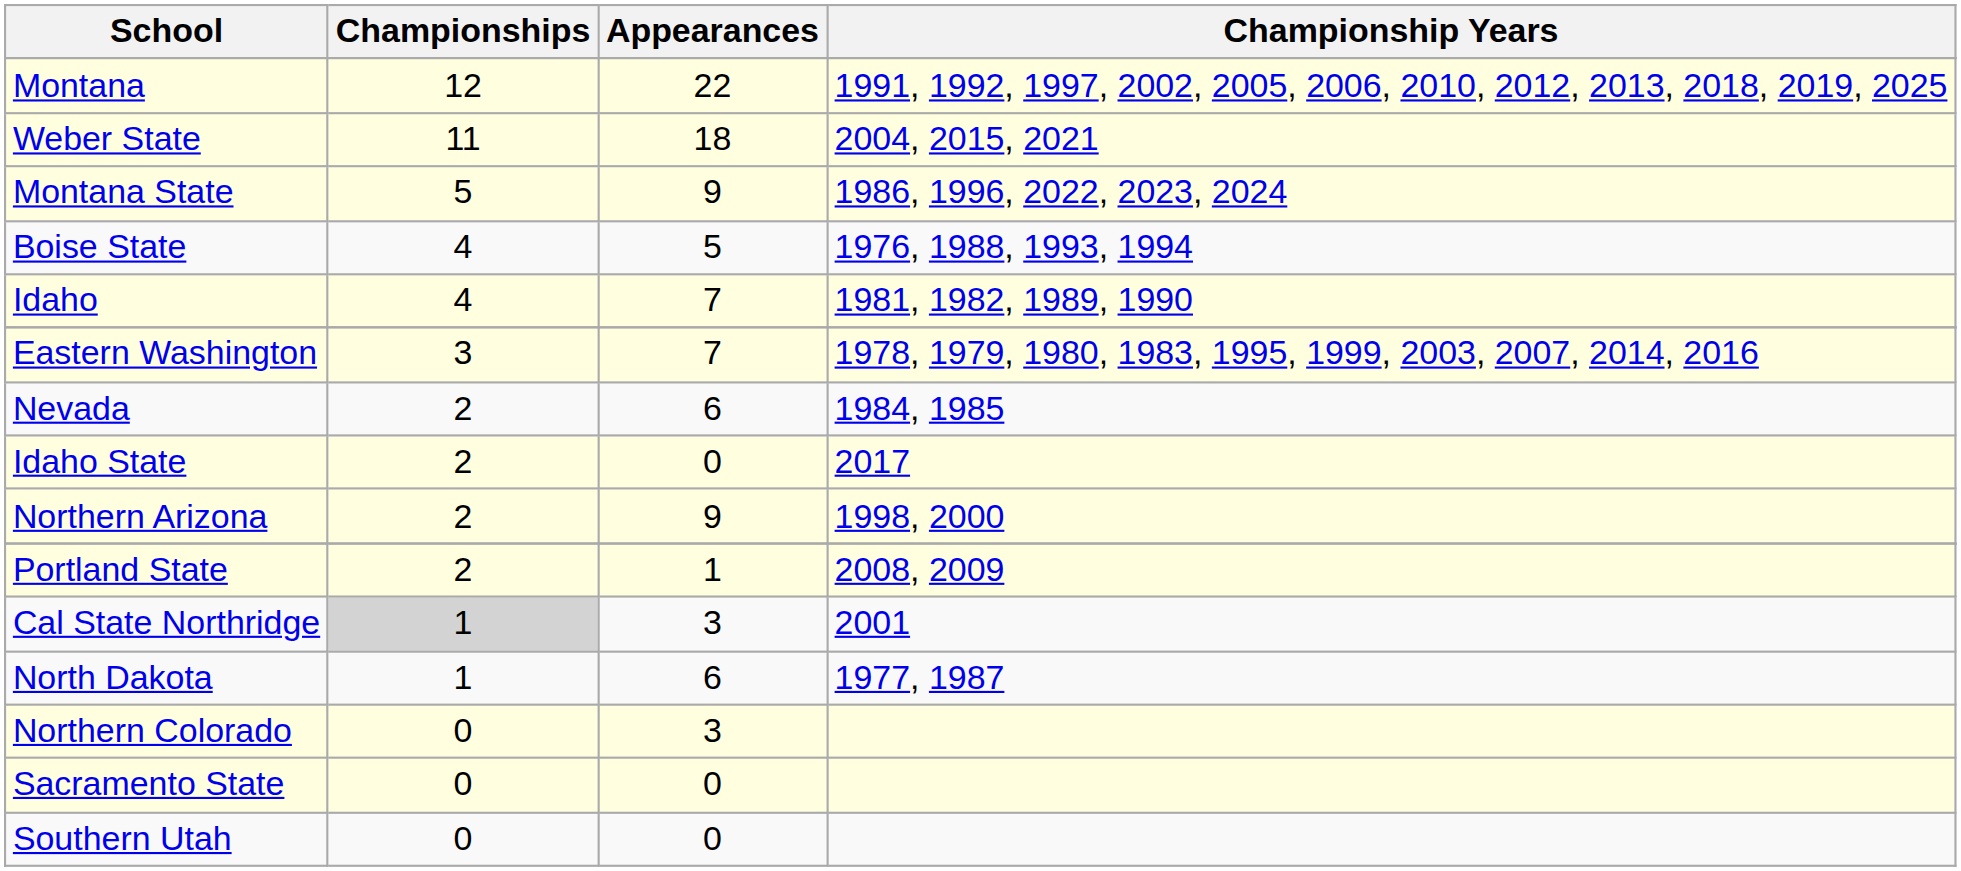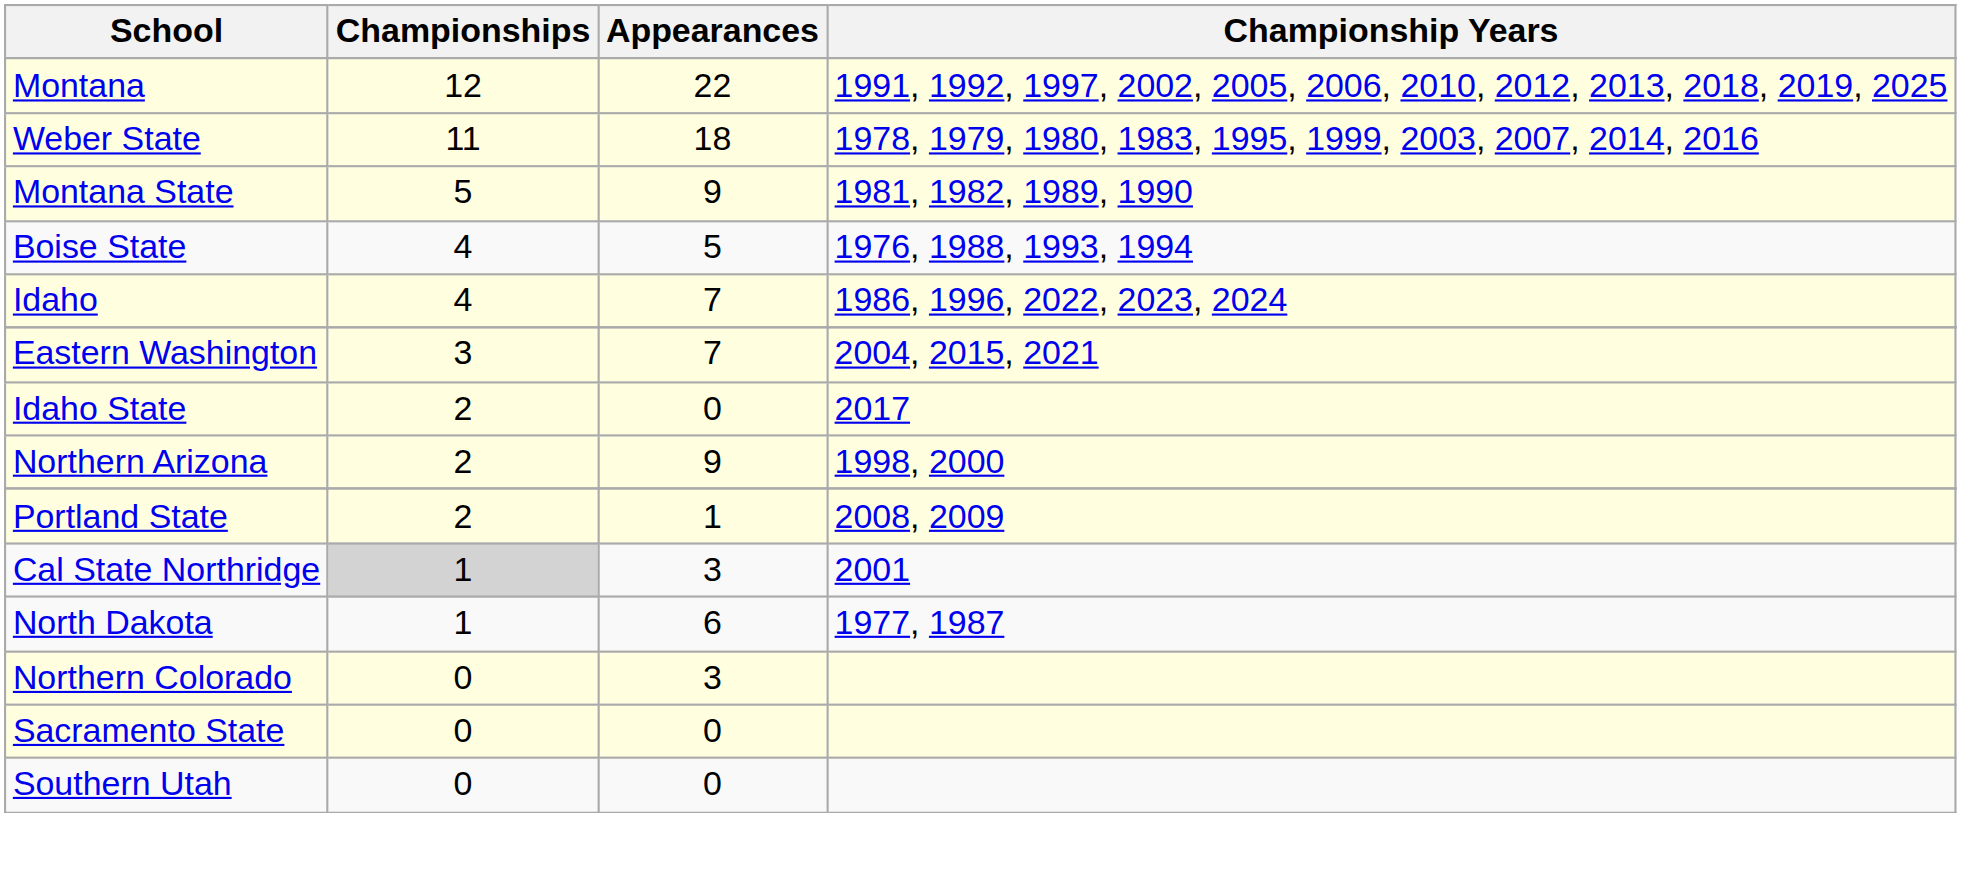 <table class="wikitable sortable" style="text-align:center">
 <tr>
 <th width=px>School</th>
 <th width=px>Championships</th>
 <th width=px>Appearances</th>
 <th width=px>Championship Years</th>
 </tr>
 <tr>
 </tr>
 <tr bgcolor=#ffffe0>
 <td align=left><a href='#'>Montana</a></td>
 <td>12</td>
 <td>22</td>
 <td align=left><a href='#'>1991</a>, <a href='#'>1992</a>, <a href='#'>1997</a>, <a href='#'>2002</a>, <a href='#'>2005</a>, <a href='#'>2006</a>, <a href='#'>2010</a>, <a href='#'>2012</a>, <a href='#'>2013</a>, <a href='#'>2018</a>, <a href='#'>2019</a>, <a href='#'>2025</a></td>
 </tr>
 <tr bgcolor=#ffffe0>
 <td align=left><a href='#'>Weber State</a></td>
 <td>11</td>
 <td>18</td>
-<td align=left><a href='#'>2004</a>, <a href='#'>2015</a>, <a href='#'>2021</a></td>
+<td align=left><a href='#'>1978</a>, <a href='#'>1979</a>, <a href='#'>1980</a>, <a href='#'>1983</a>, <a href='#'>1995</a>, <a href='#'>1999</a>, <a href='#'>2003</a>, <a href='#'>2007</a>, <a href='#'>2014</a>, <a href='#'>2016</a></td>
 </tr>
 <tr bgcolor=#ffffe0>
 <td align=left><a href='#'>Montana State</a></td>
 <td>5</td>
 <td>9</td>
-<td align=left><a href='#'>1986</a>, <a href='#'>1996</a>, <a href='#'>2022</a>, <a href='#'>2023</a>, <a href='#'>2024</a></td>
+<td align=left><a href='#'>1981</a>, <a href='#'>1982</a>, <a href='#'>1989</a>, <a href='#'>1990</a></td>
 </tr>
 <tr>
 <td align=left><a href='#'>Boise State</a></td>
 <td>4</td>
 <td>5</td>
 <td align=left><a href='#'>1976</a>, <a href='#'>1988</a>, <a href='#'>1993</a>, <a href='#'>1994</a></td>
 </tr>
 <tr bgcolor=#ffffe0>
 <td align=left><a href='#'>Idaho</a></td>
 <td>4</td>
 <td>7</td>
-<td align=left><a href='#'>1981</a>, <a href='#'>1982</a>, <a href='#'>1989</a>, <a href='#'>1990</a></td>
+<td align=left><a href='#'>1986</a>, <a href='#'>1996</a>, <a href='#'>2022</a>, <a href='#'>2023</a>, <a href='#'>2024</a></td>
 </tr>
 <tr>
 </tr>
 <tr bgcolor=#ffffe0>
 <td align=left><a href='#'>Eastern Washington</a></td>
 <td>3</td>
 <td>7</td>
-<td align=left><a href='#'>1978</a>, <a href='#'>1979</a>, <a href='#'>1980</a>, <a href='#'>1983</a>, <a href='#'>1995</a>, <a href='#'>1999</a>, <a href='#'>2003</a>, <a href='#'>2007</a>, <a href='#'>2014</a>, <a href='#'>2016</a></td>
-</tr>
-<tr>
-<td align=left><a href='#'>Nevada</a></td>
-<td>2</td>
-<td>6</td>
-<td align=left><a href='#'>1984</a>, <a href='#'>1985</a></td>
+<td align=left><a href='#'>2004</a>, <a href='#'>2015</a>, <a href='#'>2021</a></td>
 </tr>
 <tr bgcolor=#ffffe0>
 <td align=left><a href='#'>Idaho State</a></td>
 <td>2</td>
 <td>0</td>
 <td align=left><a href='#'>2017</a></td>
 </tr>
 <tr bgcolor=#ffffe0>
 <td align=left><a href='#'>Northern Arizona</a></td>
 <td>2</td>
 <td>9</td>
 <td align=left><a href='#'>1998</a>, <a href='#'>2000</a></td>
 </tr>
 <tr bgcolor=#ffffe0>
 </tr>
 <tr>
 </tr>
 <tr bgcolor=#ffffe0>
 <td align=left><a href='#'>Portland State</a></td>
 <td>2</td>
 <td>1</td>
 <td align=left><a href='#'>2008</a>, <a href='#'>2009</a></td>
 </tr>
 <tr>
 <td align=left><a href='#'>Cal State Northridge</a></td>
 <td style="background: lightgrey;">1</td>
 <td>3</td>
 <td align=left><a href='#'>2001</a></td>
 </tr>
 <tr>
 <td align=left><a href='#'>North Dakota</a></td>
 <td>1</td>
 <td>6</td>
 <td align=left><a href='#'>1977</a>, <a href='#'>1987</a></td>
 </tr>
 <tr bgcolor=#ffffe0>
 <td align=left><a href='#'>Northern Colorado</a></td>
 <td>0</td>
 <td>3</td>
 <td align=left></td>
 </tr>
 <tr bgcolor=#ffffe0>
 <td align=left><a href='#'>Sacramento State</a></td>
 <td>0</td>
 <td>0</td>
 <td align=left></td>
 </tr>
 <tr>
 <td align=left><a href='#'>Southern Utah</a></td>
 <td>0</td>
 <td>0</td>
 <td align=left></td>
 </tr>
 </table>
